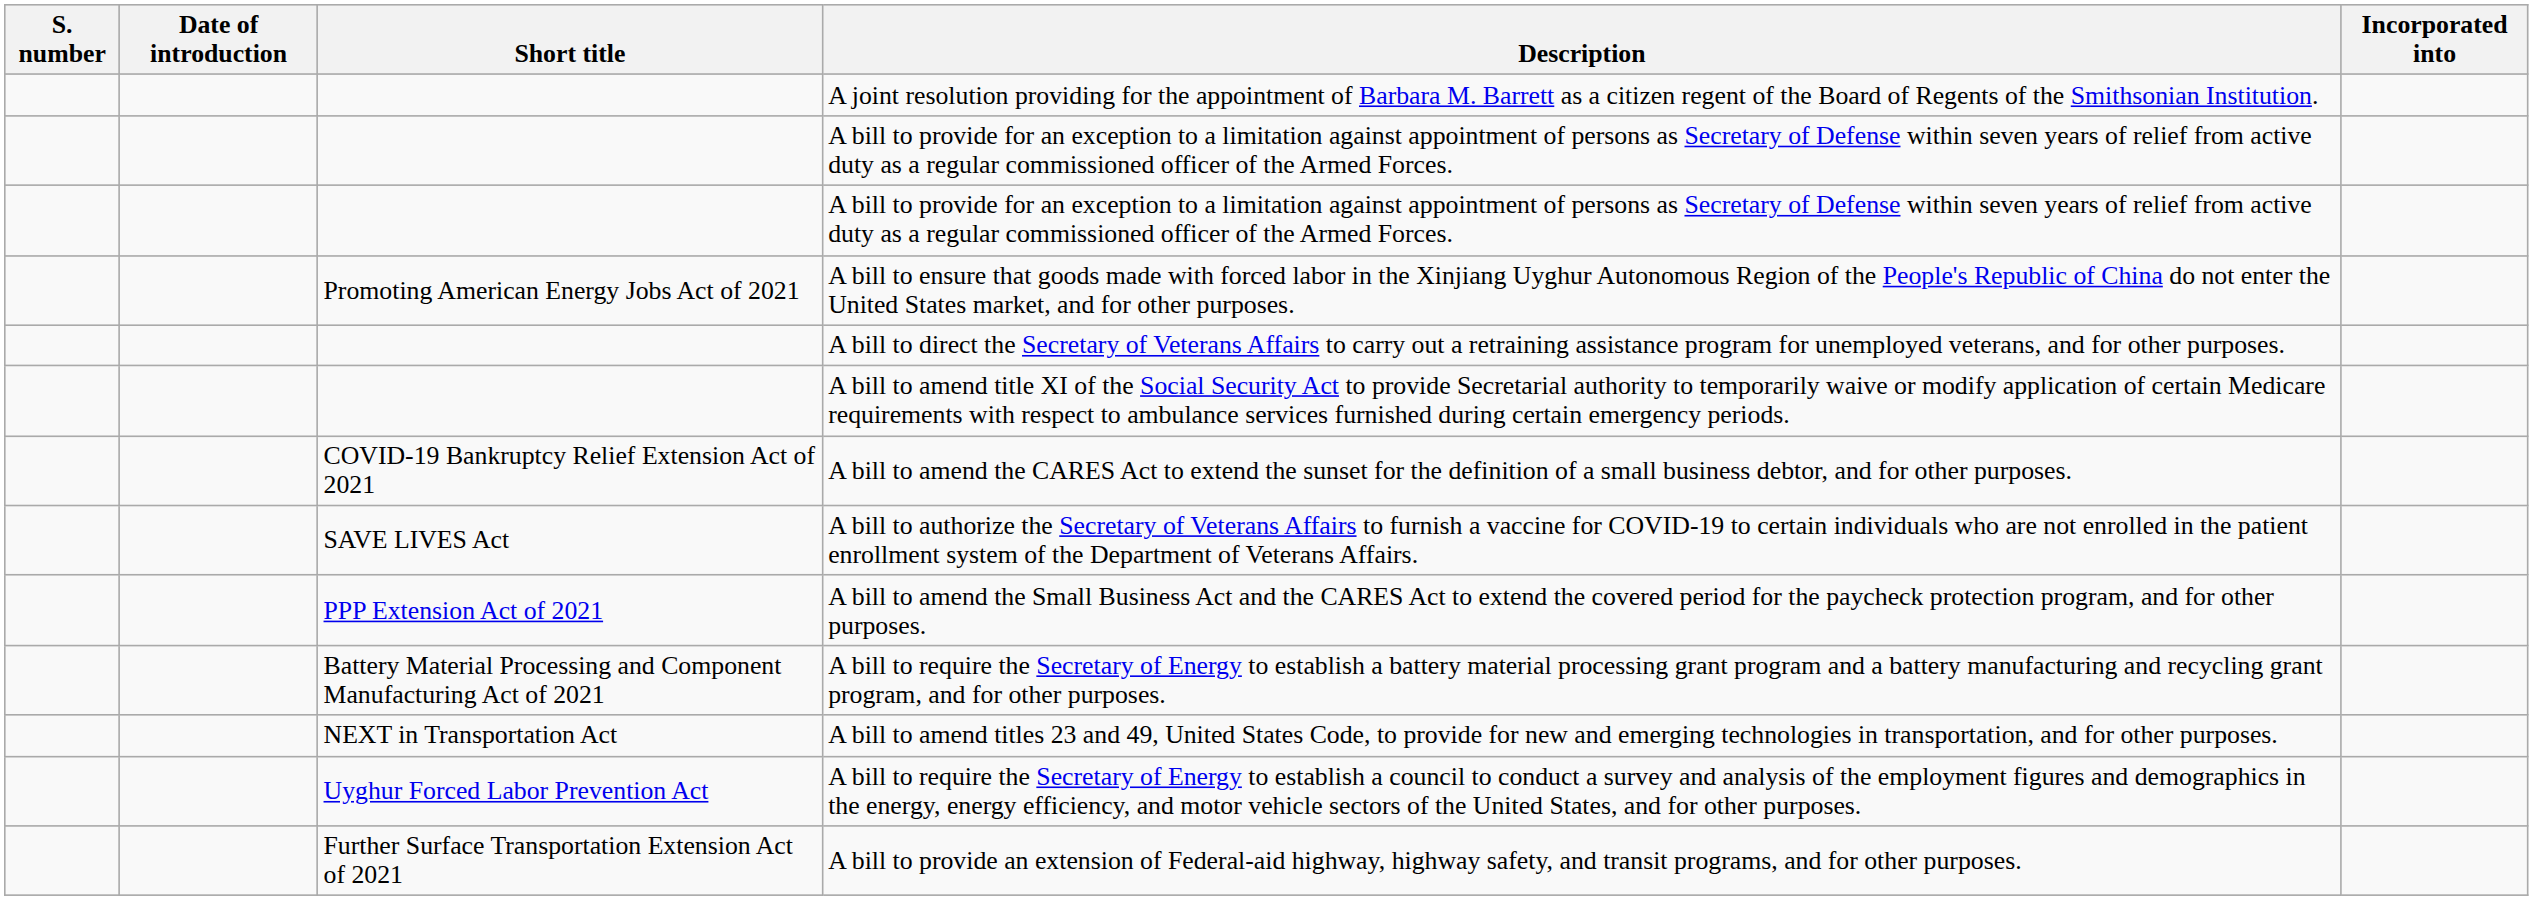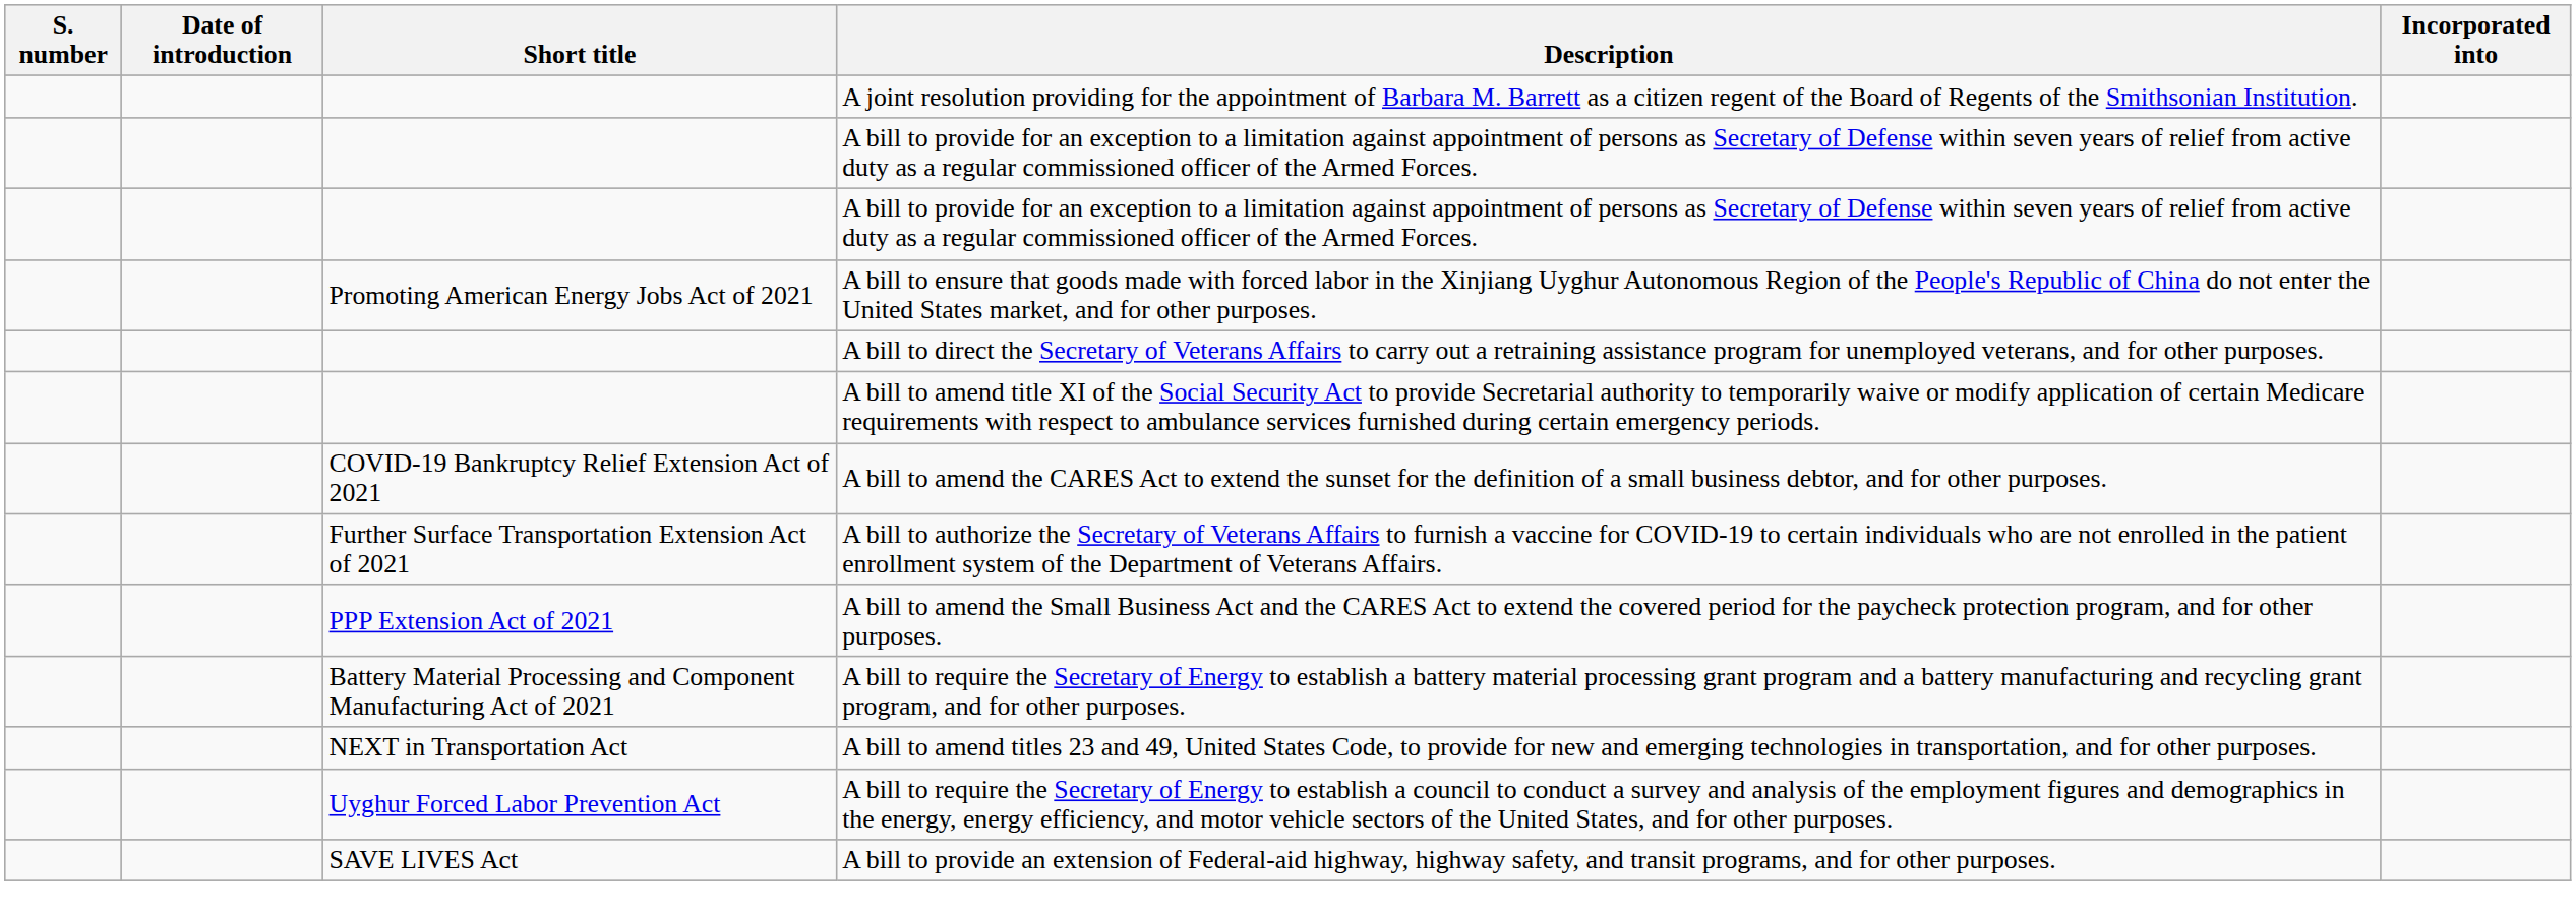 <table class="wikitable">
 <tr valign="bottom">
 <th>S. number</th>
 <th>Date of introduction</th>
 <th>Short title</th>
 <th>Description</th>
 <th>Incorporated into</th>
 </tr>
 <tr>
 <td></td>
 <td></td>
 <td></td>
 <td>A joint resolution providing for the appointment of <a href='#'>Barbara M. Barrett</a> as a citizen regent of the Board of Regents of the <a href='#'>Smithsonian Institution</a>.</td>
 <td></td>
 </tr>
 <tr>
 <td></td>
 <td></td>
 <td></td>
 <td>A bill to provide for an exception to a limitation against appointment of persons as <a href='#'>Secretary of Defense</a> within seven years of relief from active duty as a regular commissioned officer of the Armed Forces.</td>
 <td></td>
 </tr>
 <tr>
 <td></td>
 <td></td>
 <td></td>
 <td>A bill to provide for an exception to a limitation against appointment of persons as <a href='#'>Secretary of Defense</a> within seven years of relief from active duty as a regular commissioned officer of the Armed Forces.</td>
 <td></td>
 </tr>
 <tr>
 <td></td>
 <td></td>
 <td>Promoting American Energy Jobs Act of 2021</td>
 <td>A bill to ensure that goods made with forced labor in the Xinjiang Uyghur Autonomous Region of the <a href='#'>People's Republic of China</a> do not enter the United States market, and for other purposes.</td>
 <td></td>
 </tr>
 <tr>
 <td></td>
 <td></td>
 <td></td>
 <td>A bill to direct the <a href='#'>Secretary of Veterans Affairs</a> to carry out a retraining assistance program for unemployed veterans, and for other purposes.</td>
 <td></td>
 </tr>
 <tr>
 <td></td>
 <td></td>
 <td></td>
 <td>A bill to amend title XI of the <a href='#'>Social Security Act</a> to provide Secretarial authority to temporarily waive or modify application of certain Medicare requirements with respect to ambulance services furnished during certain emergency periods.</td>
 <td></td>
 </tr>
 <tr>
 <td></td>
 <td></td>
 <td>COVID-19 Bankruptcy Relief Extension Act of 2021</td>
 <td>A bill to amend the CARES Act to extend the sunset for the definition of a small business debtor, and for other purposes.</td>
 <td></td>
 </tr>
 <tr>
 <td></td>
 <td></td>
-<td>SAVE LIVES Act</td>
+<td>Further Surface Transportation Extension Act of 2021</td>
 <td>A bill to authorize the <a href='#'>Secretary of Veterans Affairs</a> to furnish a vaccine for COVID-19 to certain individuals who are not enrolled in the patient enrollment system of the Department of Veterans Affairs.</td>
 <td></td>
 </tr>
 <tr>
 <td></td>
 <td></td>
 <td><a href='#'>PPP Extension Act of 2021</a></td>
 <td>A bill to amend the Small Business Act and the CARES Act to extend the covered period for the paycheck protection program, and for other purposes.</td>
 <td></td>
 </tr>
 <tr>
 <td></td>
 <td></td>
 <td>Battery Material Processing and Component Manufacturing Act of 2021</td>
 <td>A bill to require the <a href='#'>Secretary of Energy</a> to establish a battery material processing grant program and a battery manufacturing and recycling grant program, and for other purposes.</td>
 <td></td>
 </tr>
 <tr>
 <td></td>
 <td></td>
 <td>NEXT in Transportation Act</td>
 <td>A bill to amend titles 23 and 49, United States Code, to provide for new and emerging technologies in transportation, and for other purposes.</td>
 <td></td>
 </tr>
 <tr>
 <td></td>
 <td></td>
 <td><a href='#'>Uyghur Forced Labor Prevention Act</a></td>
 <td>A bill to require the <a href='#'>Secretary of Energy</a> to establish a council to conduct a survey and analysis of the employment figures and demographics in the energy, energy efficiency, and motor vehicle sectors of the United States, and for other purposes.</td>
 <td></td>
 </tr>
 <tr>
 <td></td>
 <td></td>
-<td>Further Surface Transportation Extension Act of 2021</td>
+<td>SAVE LIVES Act</td>
 <td>A bill to provide an extension of Federal-aid highway, highway safety, and transit programs, and for other purposes.</td>
 <td></td>
 </tr>
 </table>
